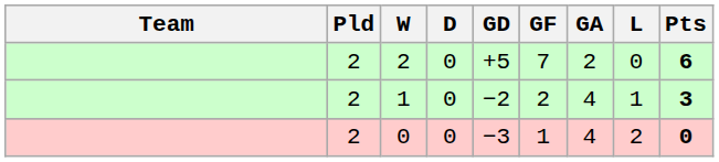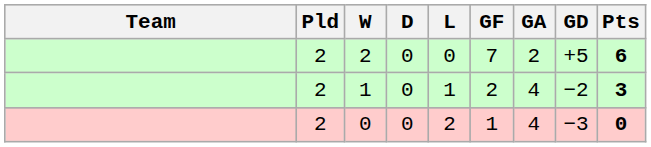 <table class="wikitable" style="text-align:center;">
 <tr>
 <th width=175>Team</th>
 <th width=20 abbr="Played">Pld</th>
 <th width=20 abbr="Won">W</th>
 <th width=20 abbr="Drawn">D</th>
-<th width=20 abbr="Goal difference">GD</th>
+<th width=20 abbr="Lost">L</th>
 <th width=20 abbr="Goals for">GF</th>
 <th width=20 abbr="Goals against">GA</th>
-<th width=20 abbr="Lost">L</th>
+<th width=20 abbr="Goal difference">GD</th>
 <th width=20 abbr="Points">Pts</th>
 </tr>
 <tr bgcolor=#ccffcc>
 <td align=left></td>
 <td>2</td>
 <td>2</td>
 <td>0</td>
-<td>+5</td>
+<td>0</td>
 <td>7</td>
 <td>2</td>
-<td>0</td>
+<td>+5</td>
 <td><strong>6</strong></td>
 </tr>
 <tr bgcolor=#ccffcc>
 <td align=left></td>
 <td>2</td>
 <td>1</td>
 <td>0</td>
-<td>−2</td>
+<td>1</td>
 <td>2</td>
 <td>4</td>
-<td>1</td>
+<td>−2</td>
 <td><strong>3</strong></td>
 </tr>
 <tr bgcolor=#ffcccc>
 <td align=left></td>
 <td>2</td>
 <td>0</td>
 <td>0</td>
-<td>−3</td>
+<td>2</td>
 <td>1</td>
 <td>4</td>
-<td>2</td>
+<td>−3</td>
 <td><strong>0</strong></td>
 </tr>
 </table>
